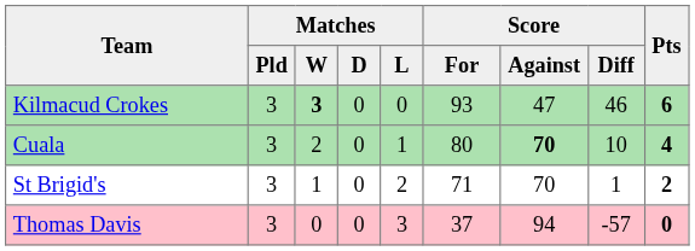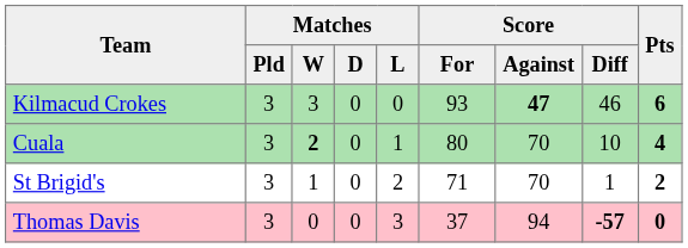 <table style=border-collapse:collapse border=1 cellspacing=0 cellpadding=5>
 <tr align=center bgcolor=#efefef>
 <th rowspan=2 width=165>Team</th>
 <th colspan=4>Matches</th>
 <th colspan=3>Score</th>
 <th rowspan=2width=20>Pts</th>
 </tr>
 <tr align=center bgcolor=#efefef>
 <th width=20>Pld</th>
 <th width=20>W</th>
 <th width=20>D</th>
 <th width=20>L</th>
 <th width=45>For</th>
 <th width=45>Against</th>
 <th width=30>Diff</th>
 </tr>
 <tr align=center style="background:#ACE1AF;">
 <td style="text-align:left;"> <a href='#'>Kilmacud Crokes</a></td>
 <td>3</td>
-<td><strong>3</strong></td>
+<td>3</td>
 <td>0</td>
 <td>0</td>
 <td>93</td>
-<td>47</td>
+<td><strong>47</strong></td>
 <td>46</td>
 <td><strong>6</strong></td>
 </tr>
 <tr align=center style="background:#ACE1AF;">
 <td style="text-align:left;"> <a href='#'>Cuala</a></td>
 <td>3</td>
-<td>2</td>
+<td><strong>2</strong></td>
 <td>0</td>
 <td>1</td>
 <td>80</td>
-<td><strong>70</strong></td>
+<td>70</td>
 <td>10</td>
 <td><strong>4</strong></td>
 </tr>
 <tr align=center>
 <td style="text-align:left;"> <a href='#'>St Brigid's</a></td>
 <td>3</td>
 <td>1</td>
 <td>0</td>
 <td>2</td>
 <td>71</td>
 <td>70</td>
 <td>1</td>
 <td><strong>2</strong></td>
 </tr>
 <tr align=center style="background:#FFC0CB;">
 <td style="text-align:left;"> <a href='#'>Thomas Davis</a></td>
 <td>3</td>
 <td>0</td>
 <td>0</td>
 <td>3</td>
 <td>37</td>
 <td>94</td>
-<td>-57</td>
+<td><strong>-57</strong></td>
 <td><strong>0</strong></td>
 </tr>
 </table>
